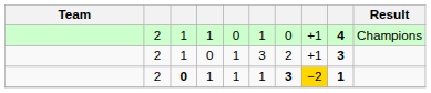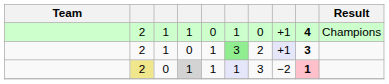 <table class="wikitable" style="text-align:center;">
 <tr>
 <th width=165>Team</th>
 <th width=25></th>
 <th width=25></th>
 <th width=25></th>
 <th width=25></th>
 <th width=25></th>
 <th width=25></th>
 <th width=25></th>
 <th width=25></th>
 <th>Result</th>
 </tr>
 <tr bgcolor="#ccffcc">
 <td style="text-align:left;"></td>
 <td>2</td>
 <td>1</td>
 <td>1</td>
 <td>0</td>
 <td>1</td>
 <td>0</td>
 <td>+1</td>
 <td><strong>4</strong></td>
 <td>Champions</td>
 </tr>
 <tr>
 <td style="text-align:left;"></td>
 <td>2</td>
 <td>1</td>
 <td>0</td>
 <td>1</td>
-<td>3</td>
+<td style="background: lightgreen;">3</td>
 <td>2</td>
-<td>+1</td>
+<td style="background: lavender;">+1</td>
 <td><strong>3</strong></td>
 <td></td>
 </tr>
 <tr>
 <td style="text-align:left;"></td>
-<td>2</td>
-<td><strong>0</strong></td>
+<td style="background: khaki;">2</td>
+<td>0</td>
+<td style="background: lightgrey;">1</td>
 <td>1</td>
-<td>1</td>
-<td>1</td>
-<td><strong>3</strong></td>
-<td style="background: gold;">−2</td>
-<td><strong>1</strong></td>
+<td style="background: lavender;">1</td>
+<td>3</td>
+<td>−2</td>
+<td style="background: pink;"><strong>1</strong></td>
 <td></td>
 </tr>
 <tr>
 </tr>
 </table>
